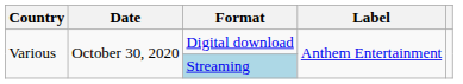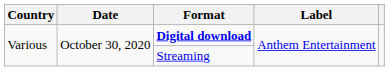 <table class="wikitable">
 <tr>
 <th>Country</th>
 <th>Date</th>
 <th>Format</th>
 <th>Label</th>
 <th></th>
 </tr>
 <tr>
 <td rowspan="2">Various</td>
 <td rowspan="2">October 30, 2020</td>
-<td><a href='#'>Digital download</a></td>
+<td><strong><a href='#'>Digital download</a></strong></td>
 <td rowspan="2"><a href='#'>Anthem Entertainment</a></td>
 <td rowspan="2"></td>
 </tr>
 <tr>
-<td style="background: lightblue;"><a href='#'>Streaming</a></td>
+<td><a href='#'>Streaming</a></td>
 </tr>
 </table>
